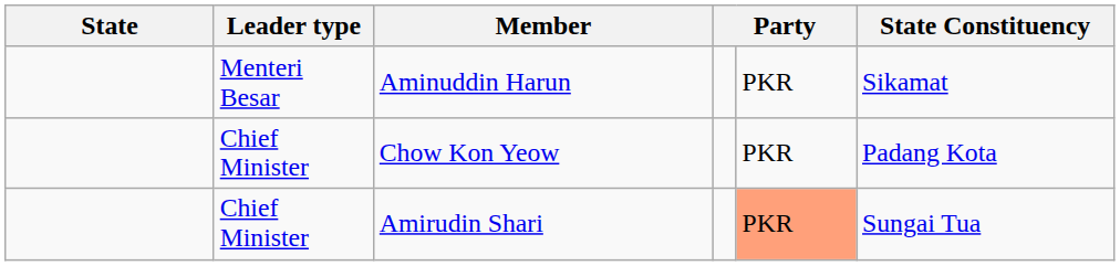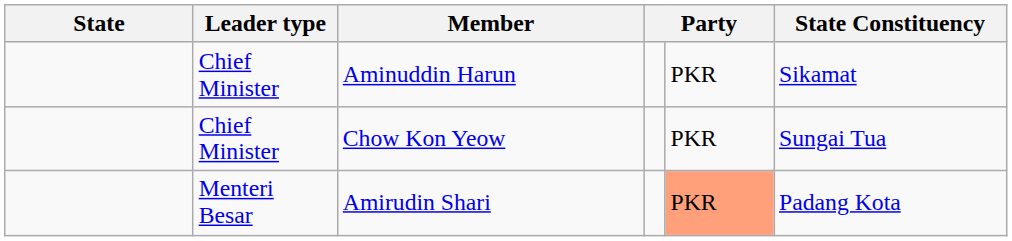 <table class ="wikitable sortable">
 <tr>
 <th style="width:120px;">State</th>
 <th style="width:90px;">Leader type</th>
 <th style="width:200px;">Member</th>
 <th style="width:80px;" colspan=2>Party</th>
 <th style="width:150px;">State Constituency</th>
 </tr>
 <tr>
 <td></td>
-<td><a href='#'>Menteri Besar</a></td>
+<td><a href='#'>Chief Minister</a></td>
 <td><a href='#'>Aminuddin Harun</a></td>
 <td></td>
 <td>PKR</td>
 <td><a href='#'>Sikamat</a></td>
 </tr>
 <tr>
 <td></td>
 <td><a href='#'>Chief Minister</a></td>
 <td><a href='#'>Chow Kon Yeow</a></td>
 <td></td>
 <td>PKR</td>
-<td><a href='#'>Padang Kota</a></td>
+<td><a href='#'>Sungai Tua</a></td>
 </tr>
 <tr>
 <td></td>
-<td><a href='#'>Chief Minister</a></td>
+<td><a href='#'>Menteri Besar</a></td>
 <td><a href='#'>Amirudin Shari</a></td>
 <td></td>
 <td style="background: lightsalmon;">PKR</td>
-<td><a href='#'>Sungai Tua</a></td>
+<td><a href='#'>Padang Kota</a></td>
 </tr>
 </table>
